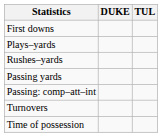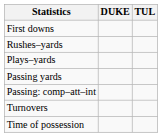 <table class="wikitable" style="float:left">
 <tr>
 <th>Statistics</th>
 <th>DUKE</th>
 <th>TUL</th>
 </tr>
 <tr>
 <td>First downs</td>
 <td></td>
 <td></td>
 </tr>
 <tr>
-<td>Plays–yards</td>
+<td>Rushes–yards</td>
 <td></td>
 <td></td>
 </tr>
 <tr>
-<td>Rushes–yards</td>
+<td>Plays–yards</td>
 <td></td>
 <td></td>
 </tr>
 <tr>
 <td>Passing yards</td>
 <td></td>
 <td></td>
 </tr>
 <tr>
 <td>Passing: comp–att–int</td>
 <td></td>
 <td></td>
 </tr>
 <tr>
 <td>Turnovers</td>
 <td></td>
 <td></td>
 </tr>
 <tr>
 <td>Time of possession</td>
 <td></td>
 <td></td>
 </tr>
 </table>
